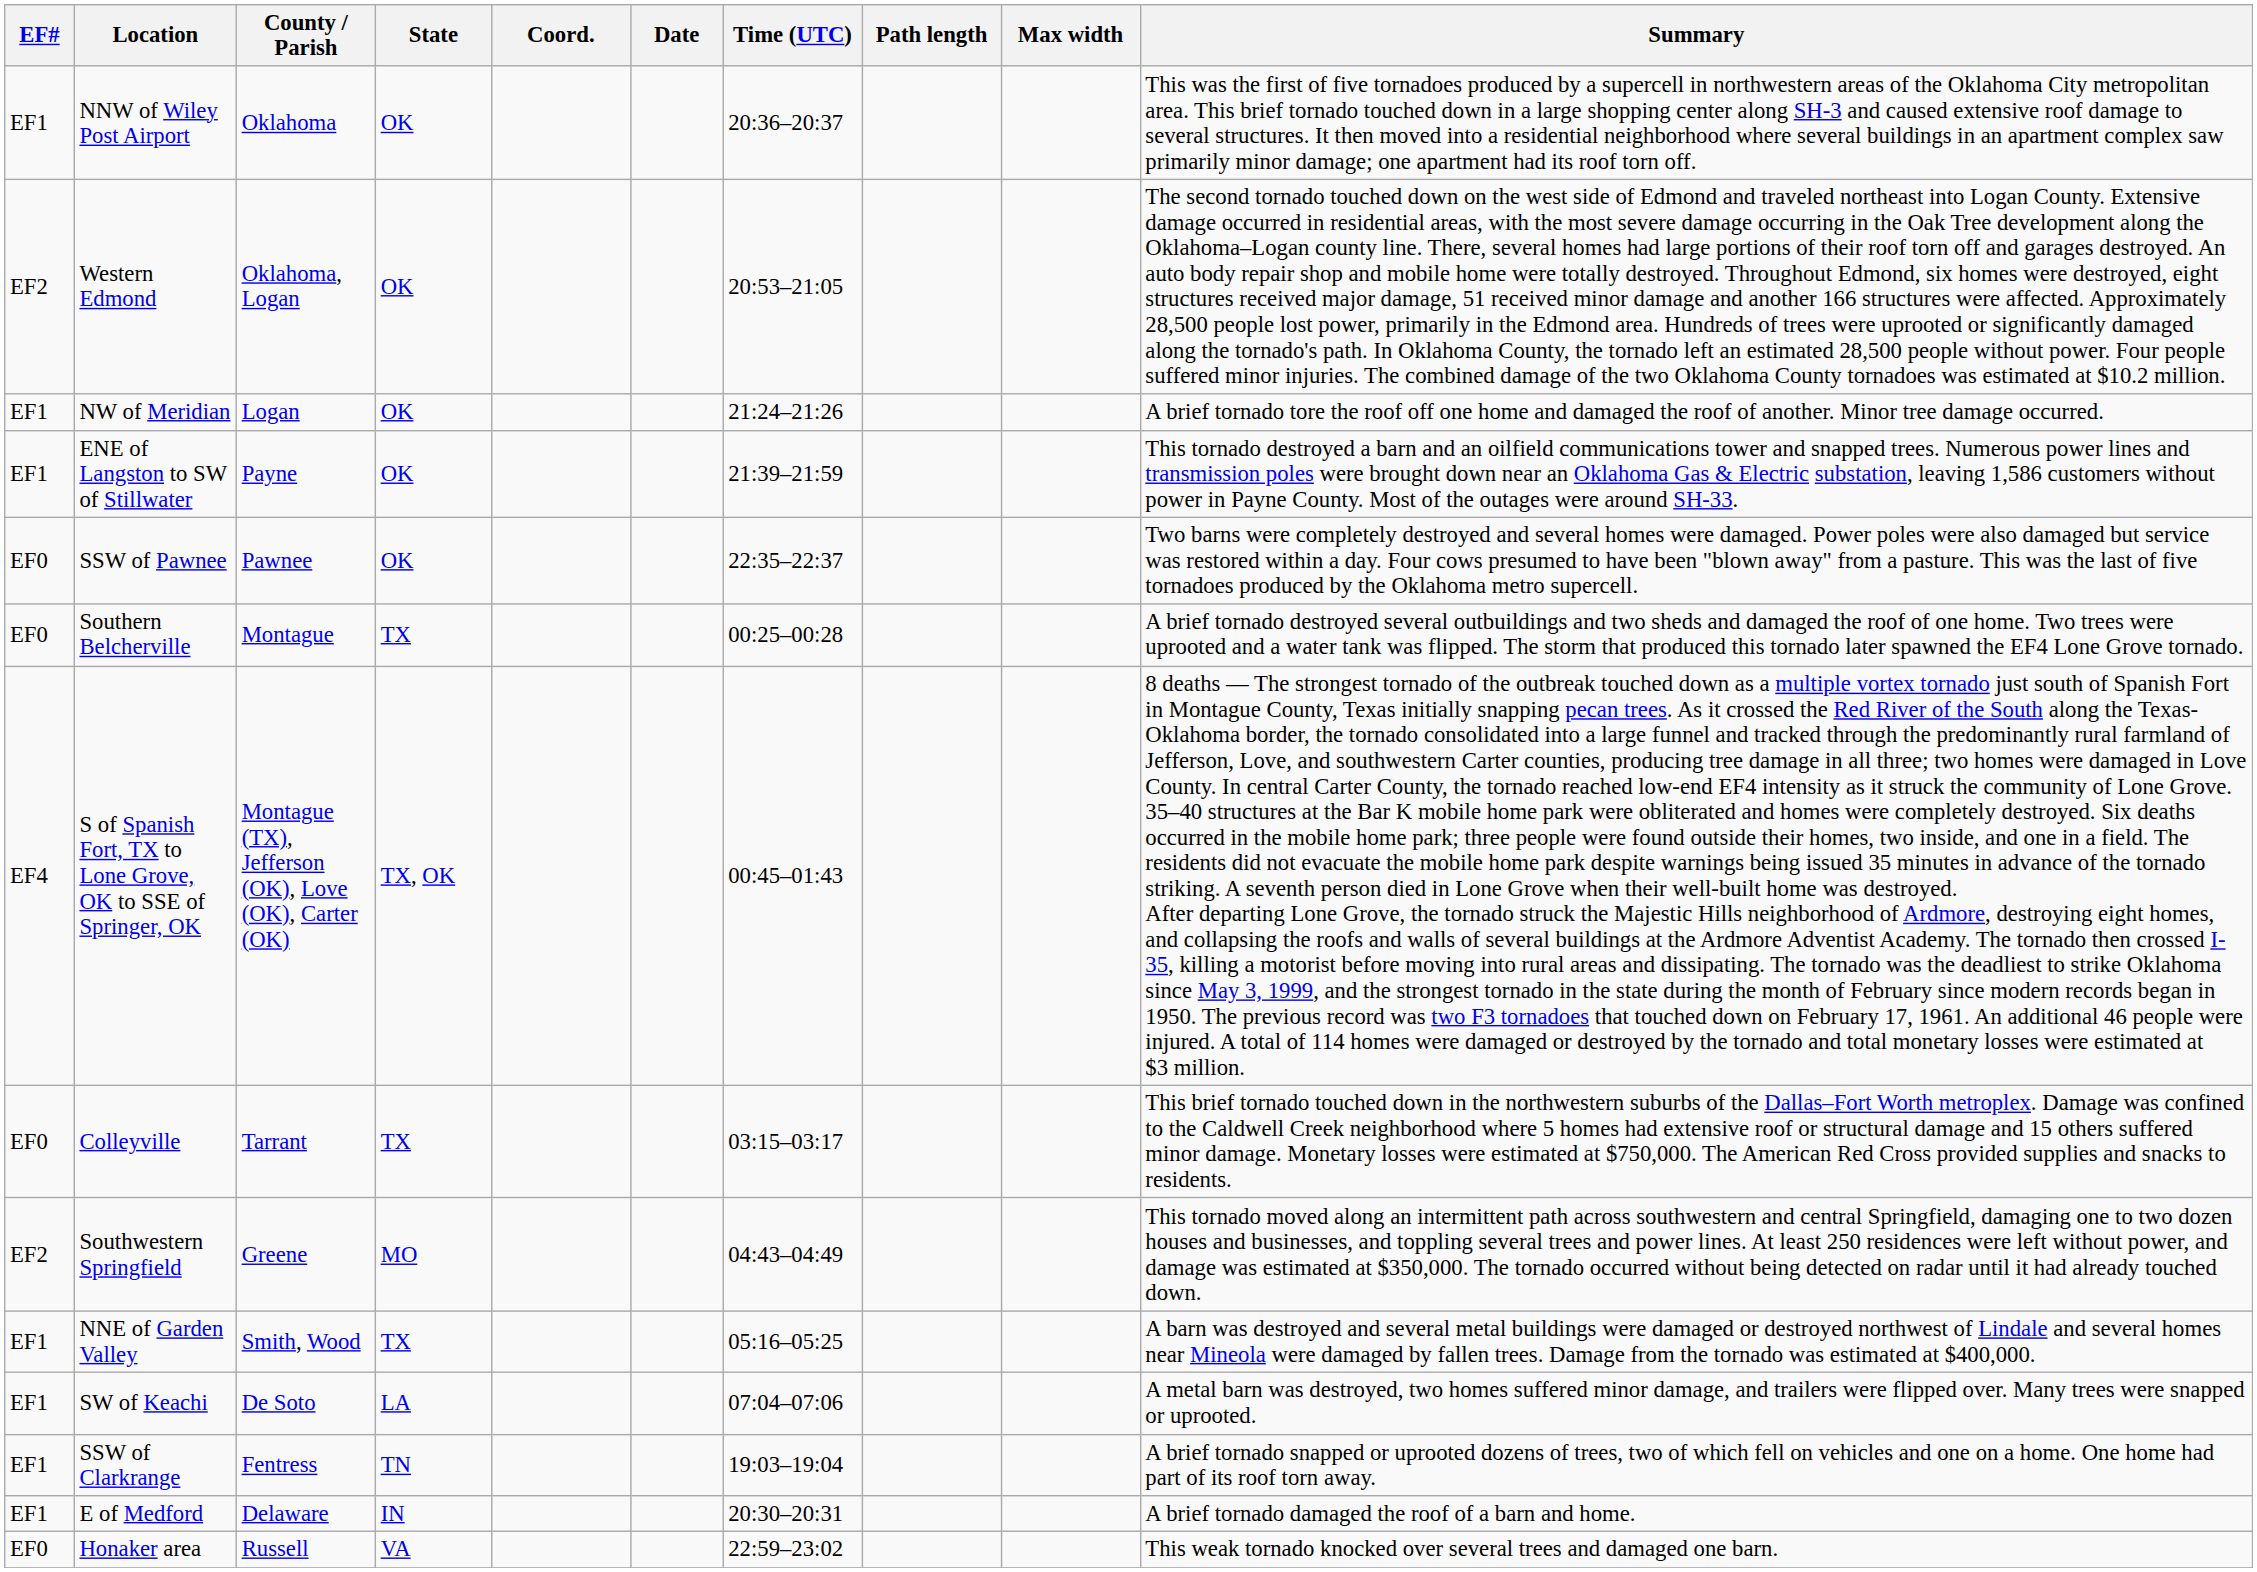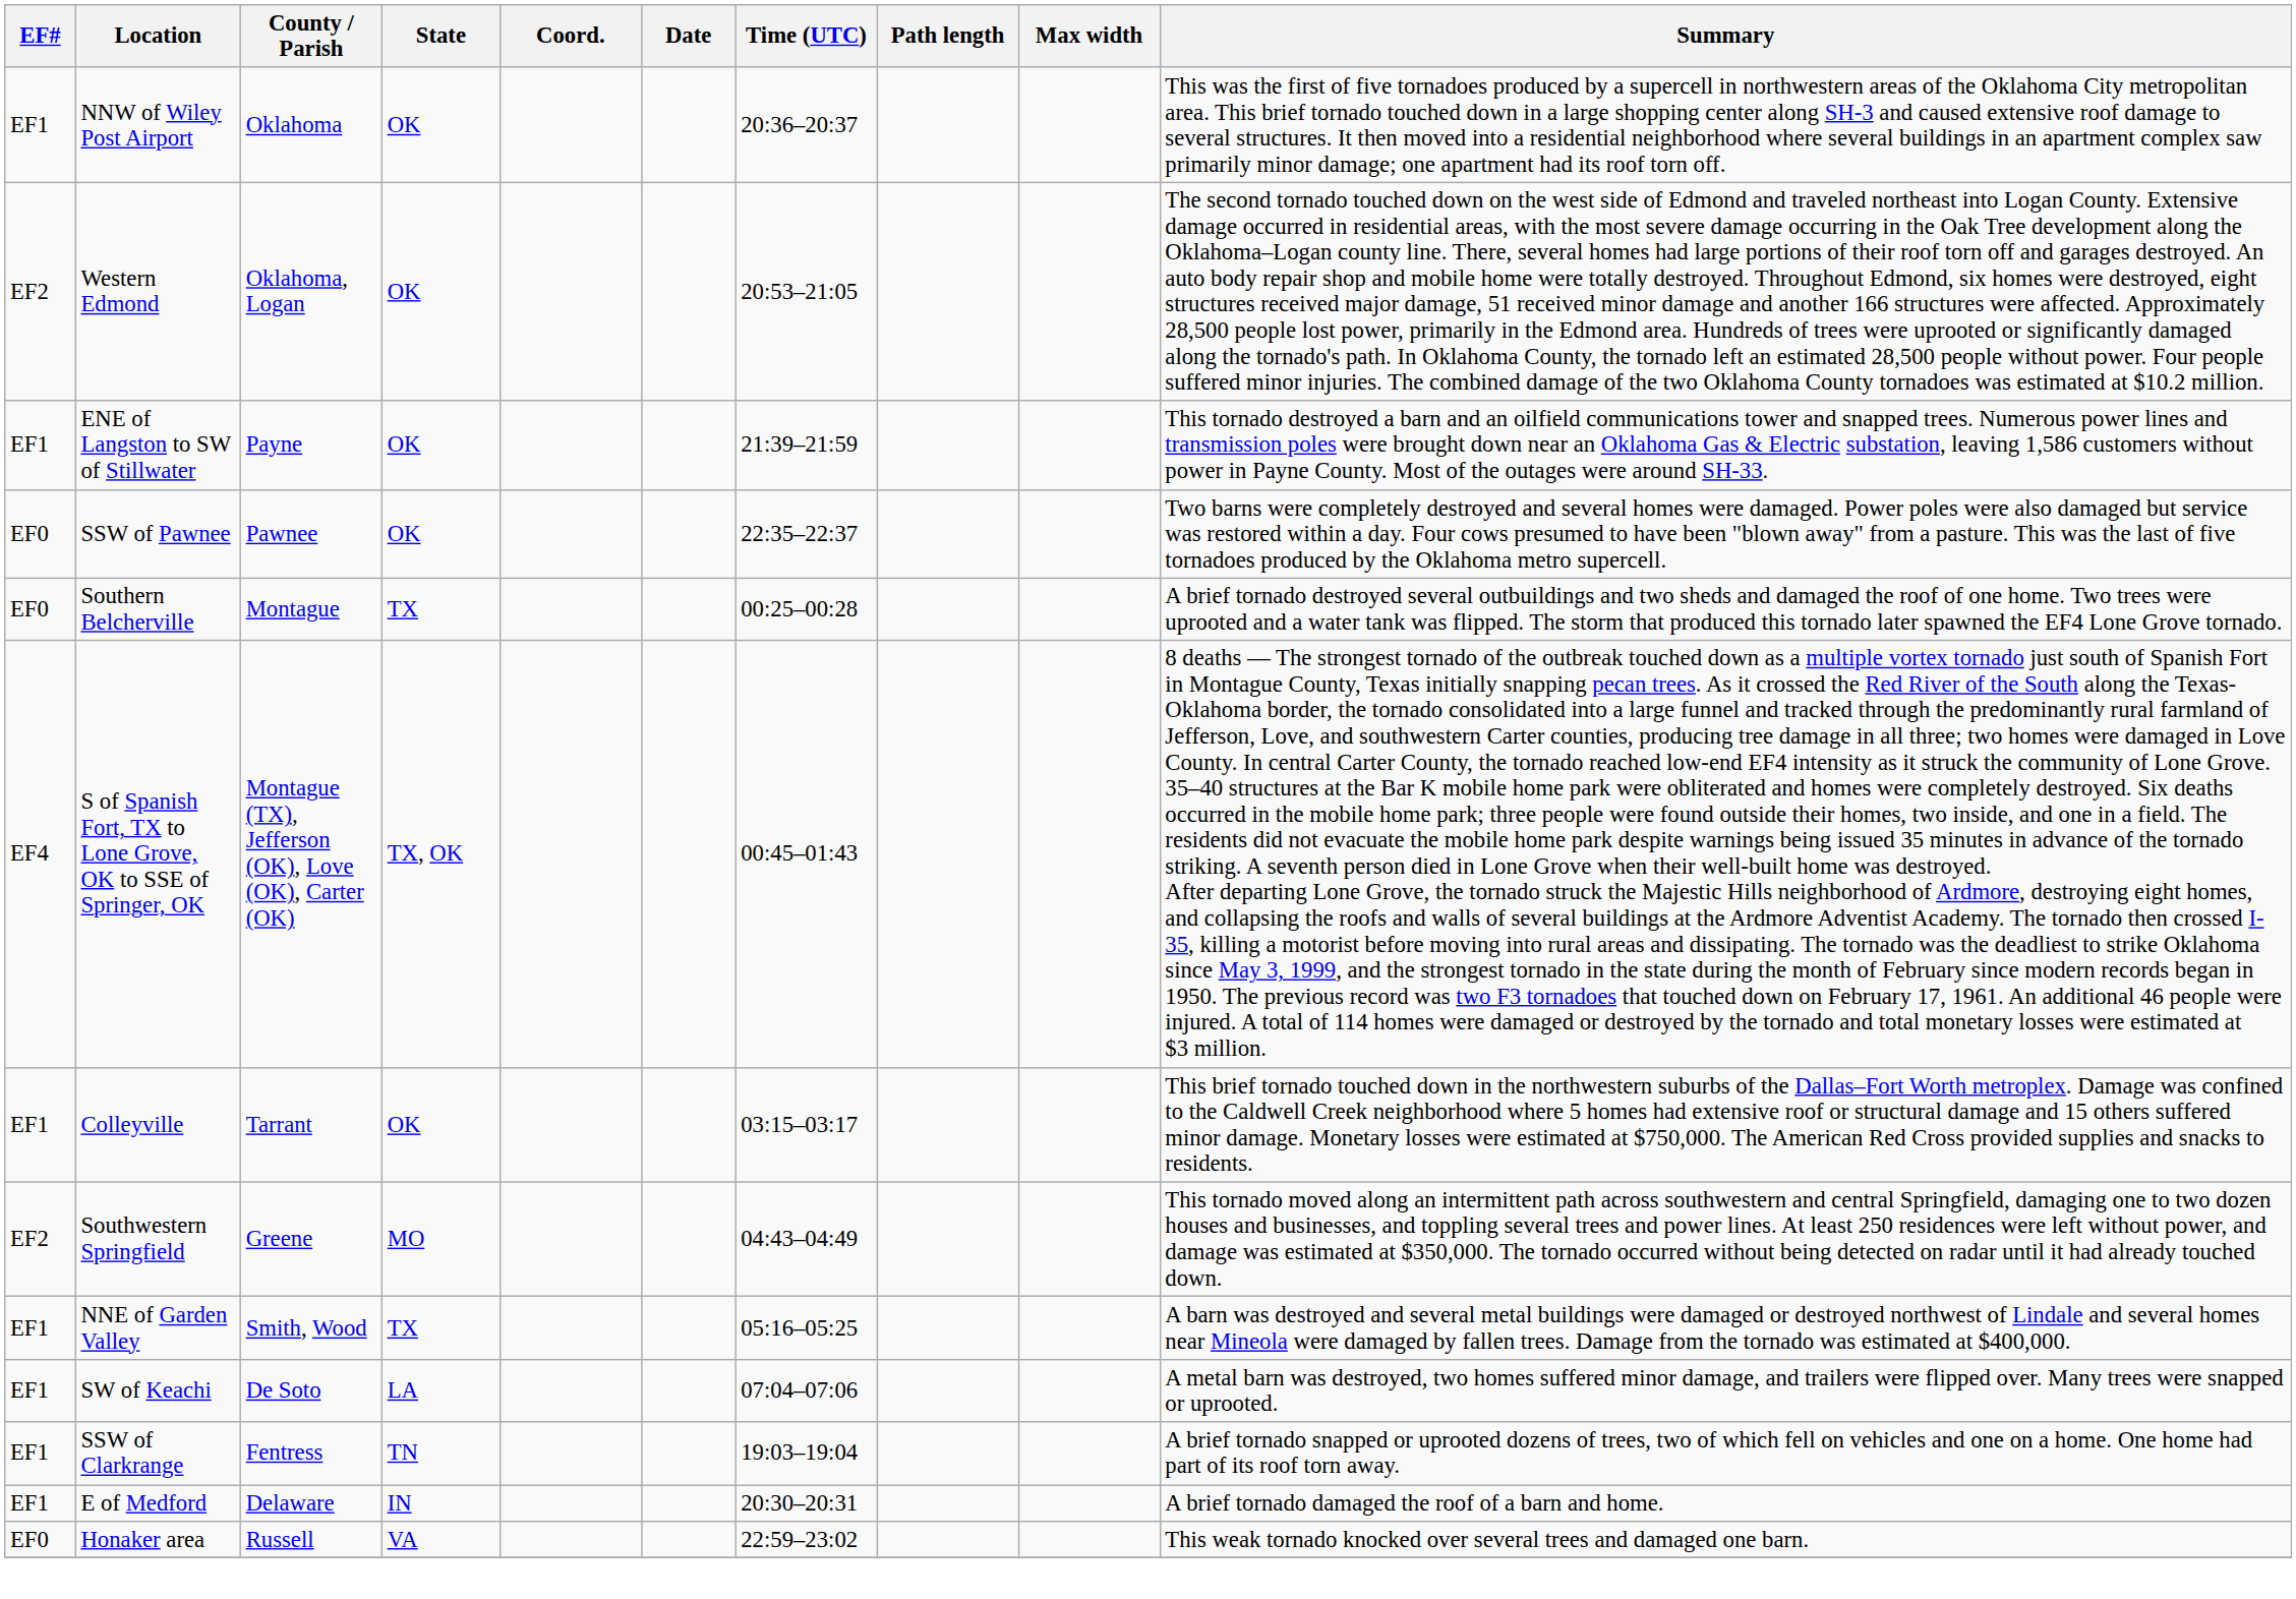 <table class="wikitable sortable" style="width:100%;">
 <tr>
 <th scope="col" width="3%" align="center"><a href='#'>EF#</a></th>
 <th scope="col" width="7%" align="center" class="unsortable">Location</th>
 <th scope="col" width="6%" align="center" class="unsortable">County / Parish</th>
 <th scope="col" width="5%" align="center">State</th>
 <th scope="col" width="6%" align="center">Coord.</th>
 <th scope="col" width="4%" align="center">Date</th>
 <th scope="col" width="6%" align="center">Time (<a href='#'>UTC</a>)</th>
 <th scope="col" width="6%" align="center">Path length</th>
 <th scope="col" width="6%" align="center">Max width</th>
 <th scope="col" width="48%" class="unsortable" align="center">Summary</th>
 </tr>
 <tr>
 <td>EF1</td>
 <td>NNW of <a href='#'>Wiley Post Airport</a></td>
 <td><a href='#'>Oklahoma</a></td>
 <td><a href='#'>OK</a></td>
 <td></td>
 <td></td>
 <td>20:36–20:37</td>
 <td></td>
 <td></td>
 <td>This was the first of five tornadoes produced by a supercell in northwestern areas of the Oklahoma City metropolitan area. This brief tornado touched down in a large shopping center along <a href='#'>SH-3</a> and caused extensive roof damage to several structures. It then moved into a residential neighborhood where several buildings in an apartment complex saw primarily minor damage; one apartment had its roof torn off.</td>
 </tr>
 <tr>
 <td>EF2</td>
 <td>Western <a href='#'>Edmond</a></td>
 <td><a href='#'>Oklahoma</a>, <a href='#'>Logan</a></td>
 <td><a href='#'>OK</a></td>
 <td></td>
 <td></td>
 <td>20:53–21:05</td>
 <td></td>
 <td></td>
 <td>The second tornado touched down on the west side of Edmond and traveled northeast into Logan County. Extensive damage occurred in residential areas, with the most severe damage occurring in the Oak Tree development along the Oklahoma–Logan county line. There, several homes had large portions of their roof torn off and garages destroyed. An auto body repair shop and mobile home were totally destroyed. Throughout Edmond, six homes were destroyed, eight structures received major damage, 51 received minor damage and another 166 structures were affected. Approximately 28,500 people lost power, primarily in the Edmond area. Hundreds of trees were uprooted or significantly damaged along the tornado's path. In Oklahoma County, the tornado left an estimated 28,500 people without power. Four people suffered minor injuries. The combined damage of the two Oklahoma County tornadoes was estimated at $10.2 million.</td>
-</tr>
-<tr>
-<td>EF1</td>
-<td>NW of <a href='#'>Meridian</a></td>
-<td><a href='#'>Logan</a></td>
-<td><a href='#'>OK</a></td>
-<td></td>
-<td></td>
-<td>21:24–21:26</td>
-<td></td>
-<td></td>
-<td>A brief tornado tore the roof off one home and damaged the roof of another. Minor tree damage occurred.</td>
 </tr>
 <tr>
 <td>EF1</td>
 <td>ENE of <a href='#'>Langston</a> to SW of <a href='#'>Stillwater</a></td>
 <td><a href='#'>Payne</a></td>
 <td><a href='#'>OK</a></td>
 <td></td>
 <td></td>
 <td>21:39–21:59</td>
 <td></td>
 <td></td>
 <td>This tornado destroyed a barn and an oilfield communications tower and snapped trees. Numerous power lines and <a href='#'>transmission poles</a> were brought down near an <a href='#'>Oklahoma Gas & Electric</a> <a href='#'>substation</a>, leaving 1,586 customers without power in Payne County. Most of the outages were around <a href='#'>SH-33</a>.</td>
 </tr>
 <tr>
 <td>EF0</td>
 <td>SSW of <a href='#'>Pawnee</a></td>
 <td><a href='#'>Pawnee</a></td>
 <td><a href='#'>OK</a></td>
 <td></td>
 <td></td>
 <td>22:35–22:37</td>
 <td></td>
 <td></td>
 <td>Two barns were completely destroyed and several homes were damaged. Power poles were also damaged but service was restored within a day. Four cows presumed to have been "blown away" from a pasture. This was the last of five tornadoes produced by the Oklahoma metro supercell.</td>
 </tr>
 <tr>
 <td>EF0</td>
 <td>Southern <a href='#'>Belcherville</a></td>
 <td><a href='#'>Montague</a></td>
 <td><a href='#'>TX</a></td>
 <td></td>
 <td></td>
 <td>00:25–00:28</td>
 <td></td>
 <td></td>
 <td>A brief tornado destroyed several outbuildings and two sheds and damaged the roof of one home. Two trees were uprooted and a water tank was flipped. The storm that produced this tornado later spawned the EF4 Lone Grove tornado.</td>
 </tr>
 <tr>
 <td>EF4</td>
 <td>S of <a href='#'>Spanish Fort, TX</a> to <a href='#'>Lone Grove, OK</a> to SSE of <a href='#'>Springer, OK</a></td>
 <td><a href='#'>Montague (TX)</a>, <a href='#'>Jefferson (OK)</a>, <a href='#'>Love (OK)</a>, <a href='#'>Carter (OK)</a></td>
 <td><a href='#'>TX</a>, <a href='#'>OK</a></td>
 <td></td>
 <td></td>
 <td>00:45–01:43</td>
 <td></td>
 <td></td>
 <td>8 deaths — The strongest tornado of the outbreak touched down as a <a href='#'>multiple vortex tornado</a> just south of Spanish Fort in Montague County, Texas initially snapping <a href='#'>pecan trees</a>. As it crossed the <a href='#'>Red River of the South</a> along the Texas-Oklahoma border, the tornado consolidated into a large funnel and tracked through the predominantly rural farmland of Jefferson, Love, and southwestern Carter counties, producing tree damage in all three; two homes were damaged in Love County. In central Carter County, the tornado reached low-end EF4 intensity as it struck the community of Lone Grove. 35–40 structures at the Bar K mobile home park were obliterated and homes were completely destroyed. Six deaths occurred in the mobile home park; three people were found outside their homes, two inside, and one in a field. The residents did not evacuate the mobile home park despite warnings being issued 35 minutes in advance of the tornado striking. A seventh person died in Lone Grove when their well-built home was destroyed.<br>After departing Lone Grove, the tornado struck the Majestic Hills neighborhood of <a href='#'>Ardmore</a>, destroying eight homes, and collapsing the roofs and walls of several buildings at the Ardmore Adventist Academy. The tornado then crossed <a href='#'>I-35</a>, killing a motorist before moving into rural areas and dissipating. The tornado was the deadliest to strike Oklahoma since <a href='#'>May 3, 1999</a>, and the strongest tornado in the state during the month of February since modern records began in 1950. The previous record was <a href='#'>two F3 tornadoes</a> that touched down on February 17, 1961. An additional 46 people were injured. A total of 114 homes were damaged or destroyed by the tornado and total monetary losses were estimated at $3 million.</td>
 </tr>
 <tr>
-<td>EF0</td>
+<td>EF1</td>
 <td><a href='#'>Colleyville</a></td>
 <td><a href='#'>Tarrant</a></td>
-<td><a href='#'>TX</a></td>
+<td><a href='#'>OK</a></td>
 <td></td>
 <td></td>
 <td>03:15–03:17</td>
 <td></td>
 <td></td>
 <td>This brief tornado touched down in the northwestern suburbs of the <a href='#'>Dallas–Fort Worth metroplex</a>. Damage was confined to the Caldwell Creek neighborhood where 5 homes had extensive roof or structural damage and 15 others suffered minor damage. Monetary losses were estimated at $750,000. The American Red Cross provided supplies and snacks to residents.</td>
 </tr>
 <tr>
 <td>EF2</td>
 <td>Southwestern <a href='#'>Springfield</a></td>
 <td><a href='#'>Greene</a></td>
 <td><a href='#'>MO</a></td>
 <td></td>
 <td></td>
 <td>04:43–04:49</td>
 <td></td>
 <td></td>
 <td>This tornado moved along an intermittent path across southwestern and central Springfield, damaging one to two dozen houses and businesses, and toppling several trees and power lines. At least 250 residences were left without power, and damage was estimated at $350,000. The tornado occurred without being detected on radar until it had already touched down.</td>
 </tr>
 <tr>
 <td>EF1</td>
 <td>NNE of <a href='#'>Garden Valley</a></td>
 <td><a href='#'>Smith</a>, <a href='#'>Wood</a></td>
 <td><a href='#'>TX</a></td>
 <td></td>
 <td></td>
 <td>05:16–05:25</td>
 <td></td>
 <td></td>
 <td>A barn was destroyed and several metal buildings were damaged or destroyed northwest of <a href='#'>Lindale</a> and several homes near <a href='#'>Mineola</a> were damaged by fallen trees. Damage from the tornado was estimated at $400,000.</td>
 </tr>
 <tr>
 <td>EF1</td>
 <td>SW of <a href='#'>Keachi</a></td>
 <td><a href='#'>De Soto</a></td>
 <td><a href='#'>LA</a></td>
 <td></td>
 <td></td>
 <td>07:04–07:06</td>
 <td></td>
 <td></td>
 <td>A metal barn was destroyed, two homes suffered minor damage, and trailers were flipped over. Many trees were snapped or uprooted.</td>
 </tr>
 <tr>
 <td>EF1</td>
 <td>SSW of <a href='#'>Clarkrange</a></td>
 <td><a href='#'>Fentress</a></td>
 <td><a href='#'>TN</a></td>
 <td></td>
 <td></td>
 <td>19:03–19:04</td>
 <td></td>
 <td></td>
 <td>A brief tornado snapped or uprooted dozens of trees, two of which fell on vehicles and one on a home. One home had part of its roof torn away.</td>
 </tr>
 <tr>
 <td>EF1</td>
 <td>E of <a href='#'>Medford</a></td>
 <td><a href='#'>Delaware</a></td>
 <td><a href='#'>IN</a></td>
 <td></td>
 <td></td>
 <td>20:30–20:31</td>
 <td></td>
 <td></td>
 <td>A brief tornado damaged the roof of a barn and home.</td>
 </tr>
 <tr>
 <td>EF0</td>
 <td><a href='#'>Honaker</a> area</td>
 <td><a href='#'>Russell</a></td>
 <td><a href='#'>VA</a></td>
 <td></td>
 <td></td>
 <td>22:59–23:02</td>
 <td></td>
 <td></td>
 <td>This weak tornado knocked over several trees and damaged one barn.</td>
 </tr>
 <tr>
 </tr>
 </table>
